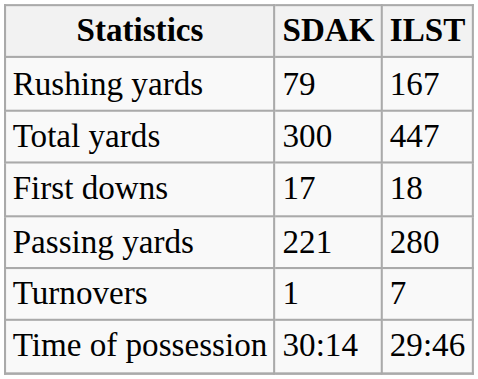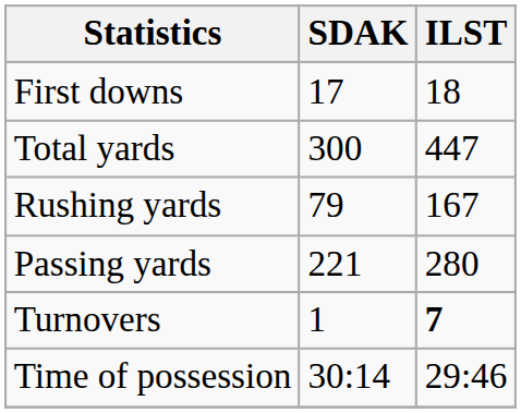 <table class="wikitable" style="float: left;">
 <tr>
 <th>Statistics</th>
 <th>SDAK</th>
 <th>ILST</th>
 </tr>
 <tr>
-<td>Rushing yards</td>
-<td>79</td>
-<td>167</td>
+<td>First downs</td>
+<td>17</td>
+<td>18</td>
 </tr>
 <tr>
 <td>Total yards</td>
 <td>300</td>
 <td>447</td>
 </tr>
 <tr>
-<td>First downs</td>
-<td>17</td>
-<td>18</td>
+<td>Rushing yards</td>
+<td>79</td>
+<td>167</td>
 </tr>
 <tr>
 <td>Passing yards</td>
 <td>221</td>
 <td>280</td>
 </tr>
 <tr>
 <td>Turnovers</td>
 <td>1</td>
-<td>7</td>
+<td><strong>7</strong></td>
 </tr>
 <tr>
 <td>Time of possession</td>
 <td>30:14</td>
 <td>29:46</td>
 </tr>
 <tr>
 </tr>
 </table>
